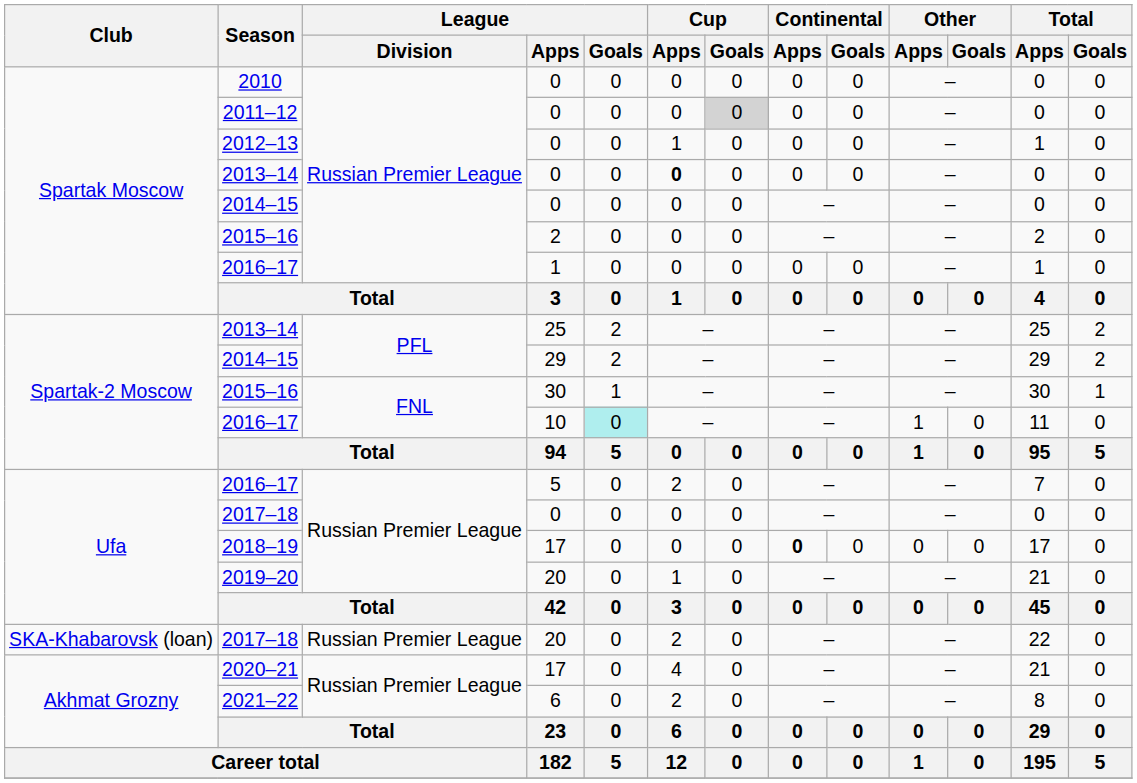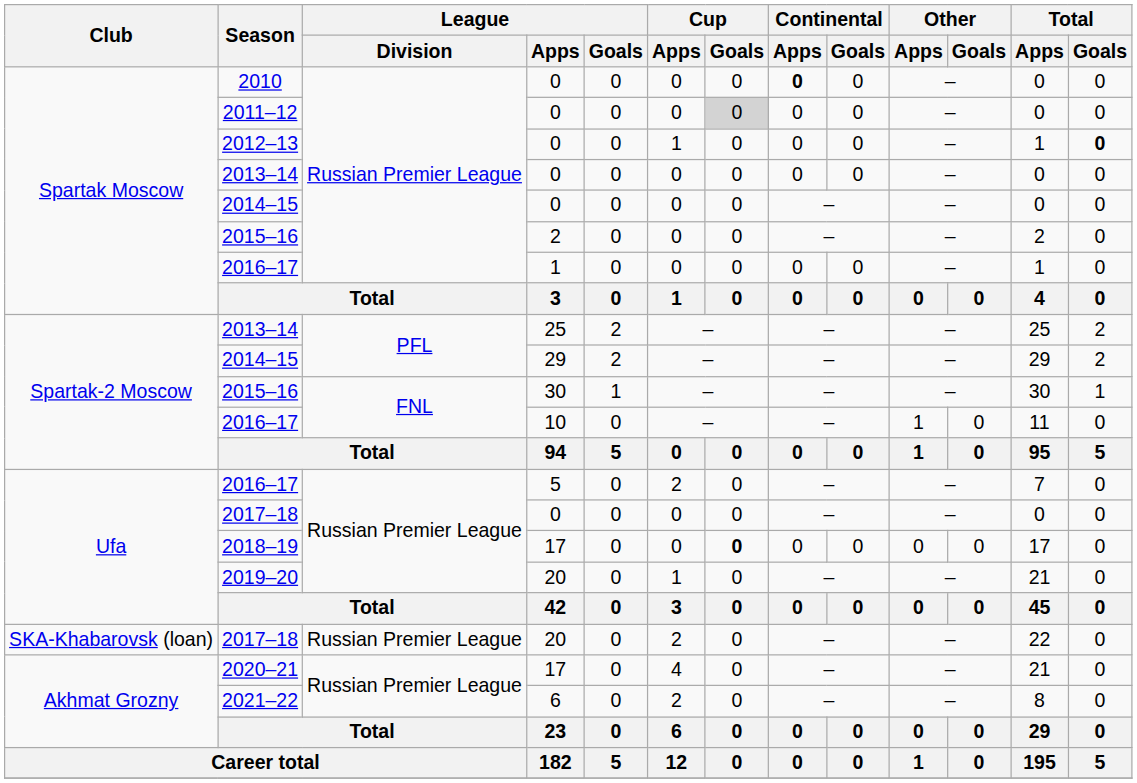 <table class="wikitable" style="text-align: center;">
 <tr>
 <th rowspan=2>Club</th>
 <th rowspan=2>Season</th>
 <th colspan=3>League</th>
 <th colspan=2>Cup</th>
 <th colspan=2>Continental</th>
 <th colspan=2>Other</th>
 <th colspan=2>Total</th>
 </tr>
 <tr>
 <th>Division</th>
 <th>Apps</th>
 <th>Goals</th>
 <th>Apps</th>
 <th>Goals</th>
 <th>Apps</th>
 <th>Goals</th>
 <th>Apps</th>
 <th>Goals</th>
 <th>Apps</th>
 <th>Goals</th>
 </tr>
 <tr>
 <td rowspan=8><a href='#'>Spartak Moscow</a></td>
 <td><a href='#'>2010</a></td>
 <td rowspan=7><a href='#'>Russian Premier League</a></td>
 <td>0</td>
 <td>0</td>
 <td>0</td>
 <td>0</td>
-<td>0</td>
+<td><strong>0</strong></td>
 <td>0</td>
 <td colspan=2>–</td>
 <td>0</td>
 <td>0</td>
 </tr>
 <tr>
 <td><a href='#'>2011–12</a></td>
 <td>0</td>
 <td>0</td>
 <td>0</td>
 <td style="background: lightgrey;">0</td>
 <td>0</td>
 <td>0</td>
 <td colspan=2>–</td>
 <td>0</td>
 <td>0</td>
 </tr>
 <tr>
 <td><a href='#'>2012–13</a></td>
 <td>0</td>
 <td>0</td>
 <td>1</td>
 <td>0</td>
 <td>0</td>
 <td>0</td>
 <td colspan=2>–</td>
 <td>1</td>
-<td>0</td>
+<td><strong>0</strong></td>
 </tr>
 <tr>
 <td><a href='#'>2013–14</a></td>
 <td>0</td>
 <td>0</td>
-<td><strong>0</strong></td>
+<td>0</td>
 <td>0</td>
 <td>0</td>
 <td>0</td>
 <td colspan=2>–</td>
 <td>0</td>
 <td>0</td>
 </tr>
 <tr>
 <td><a href='#'>2014–15</a></td>
 <td>0</td>
 <td>0</td>
 <td>0</td>
 <td>0</td>
 <td colspan=2>–</td>
 <td colspan=2>–</td>
 <td>0</td>
 <td>0</td>
 </tr>
 <tr>
 <td><a href='#'>2015–16</a></td>
 <td>2</td>
 <td>0</td>
 <td>0</td>
 <td>0</td>
 <td colspan=2>–</td>
 <td colspan=2>–</td>
 <td>2</td>
 <td>0</td>
 </tr>
 <tr>
 <td><a href='#'>2016–17</a></td>
 <td>1</td>
 <td>0</td>
 <td>0</td>
 <td>0</td>
 <td>0</td>
 <td>0</td>
 <td colspan=2>–</td>
 <td>1</td>
 <td>0</td>
 </tr>
 <tr>
 <th colspan=2>Total</th>
 <th>3</th>
 <th>0</th>
 <th>1</th>
 <th>0</th>
 <th>0</th>
 <th>0</th>
 <th>0</th>
 <th>0</th>
 <th>4</th>
 <th>0</th>
 </tr>
 <tr>
 <td rowspan=5><a href='#'>Spartak-2 Moscow</a></td>
 <td><a href='#'>2013–14</a></td>
 <td rowspan=2><a href='#'>PFL</a></td>
 <td>25</td>
 <td>2</td>
 <td colspan=2>–</td>
 <td colspan=2>–</td>
 <td colspan=2>–</td>
 <td>25</td>
 <td>2</td>
 </tr>
 <tr>
 <td><a href='#'>2014–15</a></td>
 <td>29</td>
 <td>2</td>
 <td colspan=2>–</td>
 <td colspan=2>–</td>
 <td colspan=2>–</td>
 <td>29</td>
 <td>2</td>
 </tr>
 <tr>
 <td><a href='#'>2015–16</a></td>
 <td rowspan=2><a href='#'>FNL</a></td>
 <td>30</td>
 <td>1</td>
 <td colspan=2>–</td>
 <td colspan=2>–</td>
 <td colspan=2>–</td>
 <td>30</td>
 <td>1</td>
 </tr>
 <tr>
 <td><a href='#'>2016–17</a></td>
 <td>10</td>
-<td style="background: paleturquoise;">0</td>
+<td>0</td>
 <td colspan=2>–</td>
 <td colspan=2>–</td>
 <td>1</td>
 <td>0</td>
 <td>11</td>
 <td>0</td>
 </tr>
 <tr>
 <th colspan=2>Total</th>
 <th>94</th>
 <th>5</th>
 <th>0</th>
 <th>0</th>
 <th>0</th>
 <th>0</th>
 <th>1</th>
 <th>0</th>
 <th>95</th>
 <th>5</th>
 </tr>
 <tr>
 <td rowspan=5><a href='#'>Ufa</a></td>
 <td><a href='#'>2016–17</a></td>
 <td rowspan=4>Russian Premier League</td>
 <td>5</td>
 <td>0</td>
 <td>2</td>
 <td>0</td>
 <td colspan=2>–</td>
 <td colspan=2>–</td>
 <td>7</td>
 <td>0</td>
 </tr>
 <tr>
 <td><a href='#'>2017–18</a></td>
 <td>0</td>
 <td>0</td>
 <td>0</td>
 <td>0</td>
 <td colspan=2>–</td>
 <td colspan=2>–</td>
 <td>0</td>
 <td>0</td>
 </tr>
 <tr>
 <td><a href='#'>2018–19</a></td>
 <td>17</td>
 <td>0</td>
 <td>0</td>
+<td><strong>0</strong></td>
 <td>0</td>
-<td><strong>0</strong></td>
 <td>0</td>
 <td>0</td>
 <td>0</td>
 <td>17</td>
 <td>0</td>
 </tr>
 <tr>
 <td><a href='#'>2019–20</a></td>
 <td>20</td>
 <td>0</td>
 <td>1</td>
 <td>0</td>
 <td colspan=2>–</td>
 <td colspan=2>–</td>
 <td>21</td>
 <td>0</td>
 </tr>
 <tr>
 <th colspan=2>Total</th>
 <th>42</th>
 <th>0</th>
 <th>3</th>
 <th>0</th>
 <th>0</th>
 <th>0</th>
 <th>0</th>
 <th>0</th>
 <th>45</th>
 <th>0</th>
 </tr>
 <tr>
 <td><a href='#'>SKA-Khabarovsk</a> (loan)</td>
 <td><a href='#'>2017–18</a></td>
 <td>Russian Premier League</td>
 <td>20</td>
 <td>0</td>
 <td>2</td>
 <td>0</td>
 <td colspan=2>–</td>
 <td colspan=2>–</td>
 <td>22</td>
 <td>0</td>
 </tr>
 <tr>
 <td rowspan="3"><a href='#'>Akhmat Grozny</a></td>
 <td><a href='#'>2020–21</a></td>
 <td rowspan="2">Russian Premier League</td>
 <td>17</td>
 <td>0</td>
 <td>4</td>
 <td>0</td>
 <td colspan=2>–</td>
 <td colspan=2>–</td>
 <td>21</td>
 <td>0</td>
 </tr>
 <tr>
 <td><a href='#'>2021–22</a></td>
 <td>6</td>
 <td>0</td>
 <td>2</td>
 <td>0</td>
 <td colspan=2>–</td>
 <td colspan=2>–</td>
 <td>8</td>
 <td>0</td>
 </tr>
 <tr>
 <th colspan=2>Total</th>
 <th>23</th>
 <th>0</th>
 <th>6</th>
 <th>0</th>
 <th>0</th>
 <th>0</th>
 <th>0</th>
 <th>0</th>
 <th>29</th>
 <th>0</th>
 </tr>
 <tr>
 <th colspan=3>Career total</th>
 <th>182</th>
 <th>5</th>
 <th>12</th>
 <th>0</th>
 <th>0</th>
 <th>0</th>
 <th>1</th>
 <th>0</th>
 <th>195</th>
 <th>5</th>
 </tr>
 <tr>
 </tr>
 </table>
